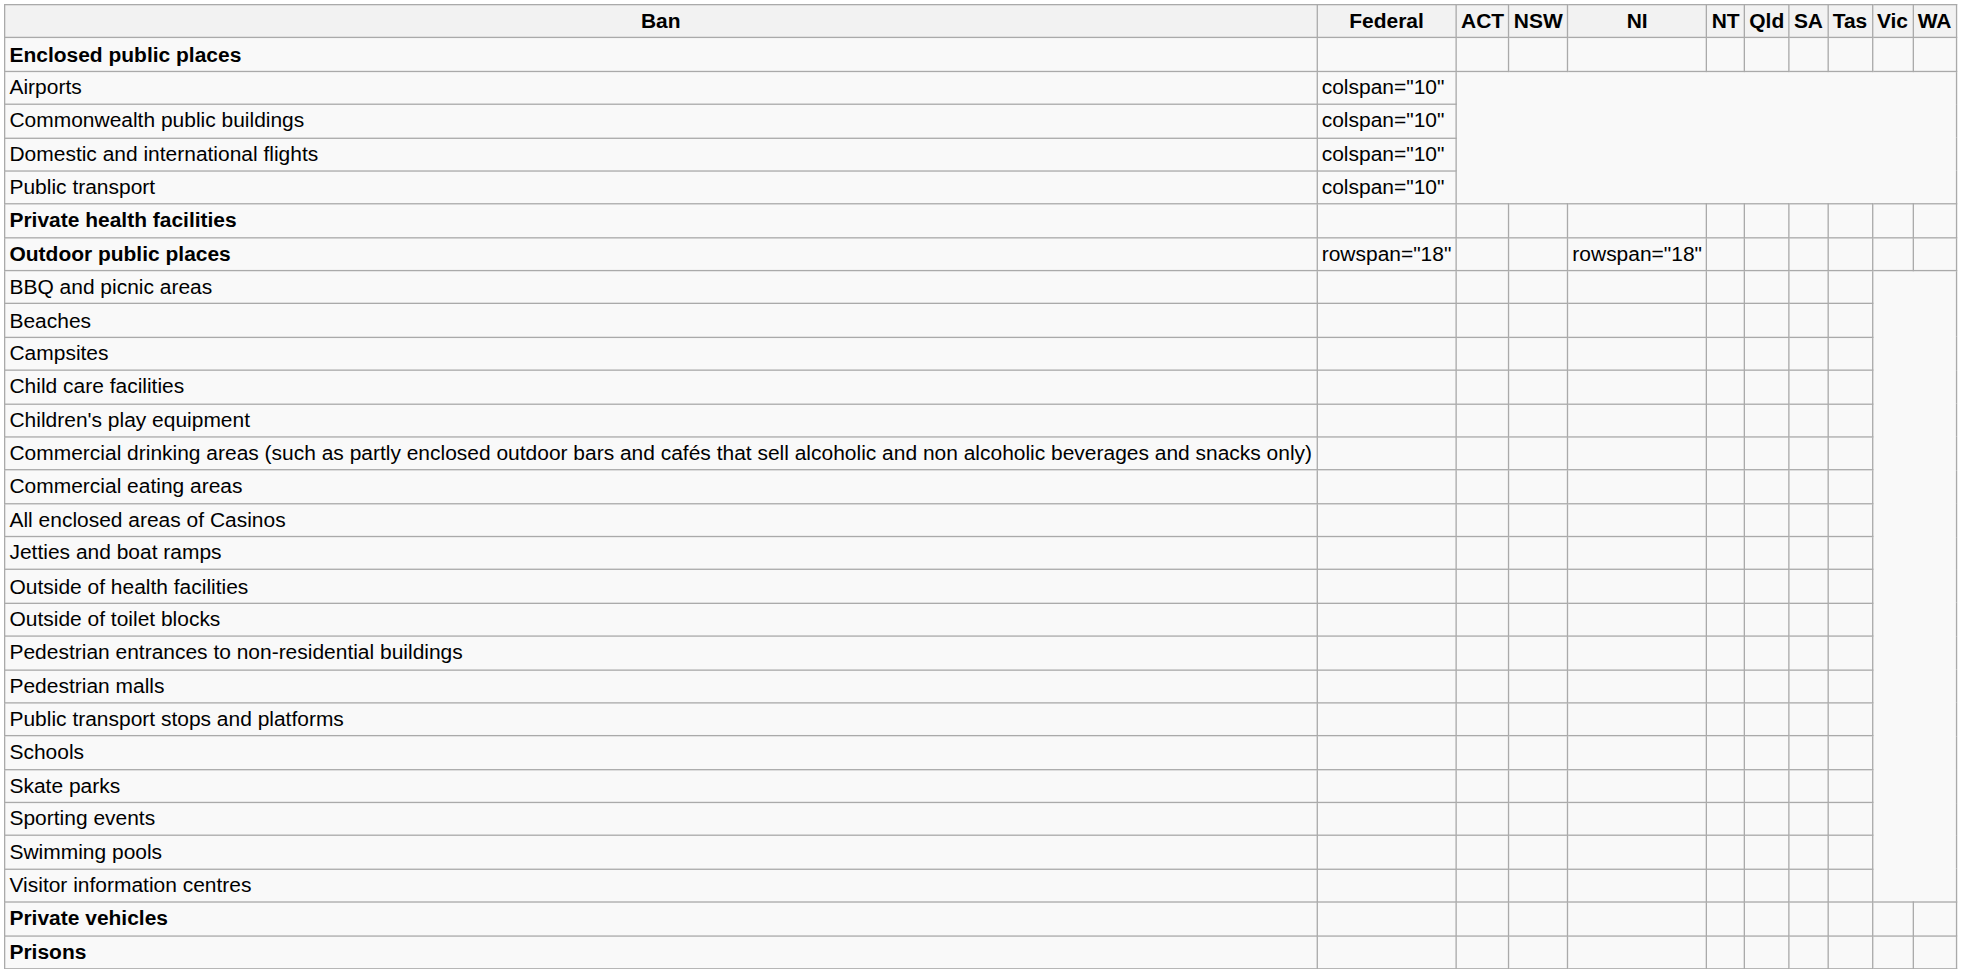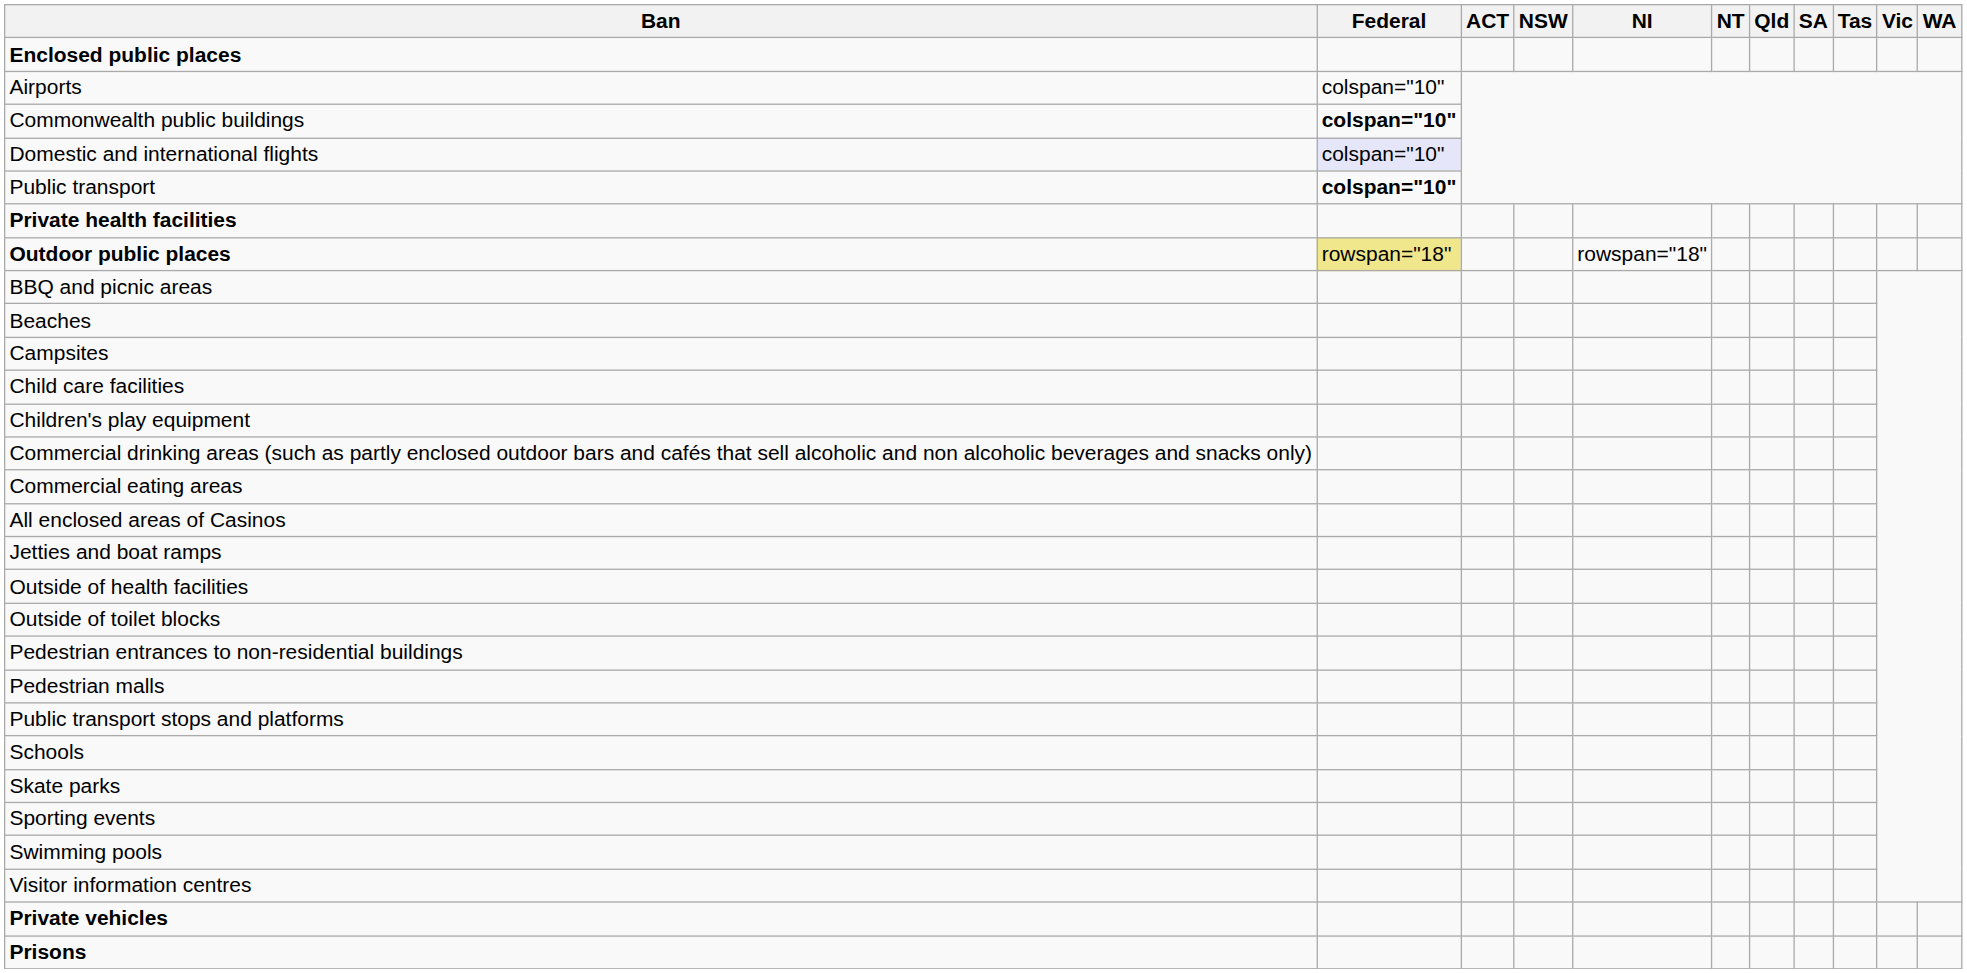 <table class="wikitable">
 <tr>
 <th>Ban</th>
 <th>Federal</th>
 <th>ACT</th>
 <th>NSW</th>
 <th>NI</th>
 <th>NT</th>
 <th>Qld</th>
 <th>SA</th>
 <th>Tas</th>
 <th>Vic</th>
 <th>WA</th>
 </tr>
 <tr>
 <td><strong>Enclosed public places</strong></td>
 <td></td>
 <td></td>
 <td></td>
 <td></td>
 <td></td>
 <td></td>
 <td></td>
 <td></td>
 <td></td>
 <td></td>
 </tr>
 <tr>
 <td>Airports</td>
 <td>colspan="10" </td>
 </tr>
 <tr>
 <td>Commonwealth public buildings</td>
-<td>colspan="10" </td>
+<td><strong>colspan="10" </strong></td>
 </tr>
 <tr>
 <td>Domestic and international flights</td>
-<td>colspan="10" </td>
+<td style="background: lavender;">colspan="10" </td>
 </tr>
 <tr>
 <td>Public transport</td>
-<td>colspan="10" </td>
+<td><strong>colspan="10" </strong></td>
 </tr>
 <tr>
 <td><strong>Private health facilities</strong></td>
 <td></td>
 <td></td>
 <td></td>
 <td></td>
 <td></td>
 <td></td>
 <td></td>
 <td></td>
 <td></td>
 <td></td>
 </tr>
 <tr>
 <td><strong>Outdoor public places</strong></td>
-<td>rowspan="18" </td>
+<td style="background: khaki;">rowspan="18" </td>
 <td></td>
 <td></td>
 <td>rowspan="18" </td>
 <td></td>
 <td></td>
 <td></td>
 <td></td>
 <td></td>
 <td></td>
 </tr>
 <tr>
 <td>BBQ and picnic areas</td>
 <td></td>
 <td></td>
 <td></td>
 <td></td>
 <td></td>
 <td></td>
 <td></td>
 <td></td>
 </tr>
 <tr>
 <td>Beaches</td>
 <td></td>
 <td></td>
 <td></td>
 <td></td>
 <td></td>
 <td></td>
 <td></td>
 <td></td>
 </tr>
 <tr>
 <td>Campsites</td>
 <td></td>
 <td></td>
 <td></td>
 <td></td>
 <td></td>
 <td></td>
 <td></td>
 <td></td>
 </tr>
 <tr>
 <td>Child care facilities</td>
 <td></td>
 <td></td>
 <td></td>
 <td></td>
 <td></td>
 <td></td>
 <td></td>
 <td></td>
 </tr>
 <tr>
 <td>Children's play equipment</td>
 <td></td>
 <td></td>
 <td></td>
 <td></td>
 <td></td>
 <td></td>
 <td></td>
 <td></td>
 </tr>
 <tr>
 <td>Commercial drinking areas (such as partly enclosed outdoor bars and cafés that sell alcoholic and non alcoholic beverages and snacks only)</td>
 <td></td>
 <td></td>
 <td></td>
 <td></td>
 <td></td>
 <td></td>
 <td></td>
 <td></td>
 </tr>
 <tr>
 <td>Commercial eating areas</td>
 <td></td>
 <td></td>
 <td></td>
 <td></td>
 <td></td>
 <td></td>
 <td></td>
 <td></td>
 </tr>
 <tr>
 <td>All enclosed areas of Casinos</td>
 <td></td>
 <td></td>
 <td></td>
 <td></td>
 <td></td>
 <td></td>
 <td></td>
 <td></td>
 </tr>
 <tr>
 <td>Jetties and boat ramps</td>
 <td></td>
 <td></td>
 <td></td>
 <td></td>
 <td></td>
 <td></td>
 <td></td>
 <td></td>
 </tr>
 <tr>
 <td>Outside of health facilities</td>
 <td></td>
 <td></td>
 <td></td>
 <td></td>
 <td></td>
 <td></td>
 <td></td>
 <td></td>
 </tr>
 <tr>
 <td>Outside of toilet blocks</td>
 <td></td>
 <td></td>
 <td></td>
 <td></td>
 <td></td>
 <td></td>
 <td></td>
 <td></td>
 </tr>
 <tr>
 <td>Pedestrian entrances to non-residential buildings</td>
 <td></td>
 <td></td>
 <td></td>
 <td></td>
 <td></td>
 <td></td>
 <td></td>
 <td></td>
 </tr>
 <tr>
 <td>Pedestrian malls</td>
 <td></td>
 <td></td>
 <td></td>
 <td></td>
 <td></td>
 <td></td>
 <td></td>
 <td></td>
 </tr>
 <tr>
 <td>Public transport stops and platforms</td>
 <td></td>
 <td></td>
 <td></td>
 <td></td>
 <td></td>
 <td></td>
 <td></td>
 <td></td>
 </tr>
 <tr>
 <td>Schools</td>
 <td></td>
 <td></td>
 <td></td>
 <td></td>
 <td></td>
 <td></td>
 <td></td>
 <td></td>
 </tr>
 <tr>
 <td>Skate parks</td>
 <td></td>
 <td></td>
 <td></td>
 <td></td>
 <td></td>
 <td></td>
 <td></td>
 <td></td>
 </tr>
 <tr>
 <td>Sporting events</td>
 <td></td>
 <td></td>
 <td></td>
 <td></td>
 <td></td>
 <td></td>
 <td></td>
 <td></td>
 </tr>
 <tr>
 <td>Swimming pools</td>
 <td></td>
 <td></td>
 <td></td>
 <td></td>
 <td></td>
 <td></td>
 <td></td>
 <td></td>
 </tr>
 <tr>
 <td>Visitor information centres</td>
 <td></td>
 <td></td>
 <td></td>
 <td></td>
 <td></td>
 <td></td>
 <td></td>
 <td></td>
 </tr>
 <tr>
 <td><strong>Private vehicles</strong></td>
 <td></td>
 <td></td>
 <td></td>
 <td></td>
 <td></td>
 <td></td>
 <td></td>
 <td></td>
 <td></td>
 <td></td>
 </tr>
 <tr>
 <td><strong>Prisons</strong></td>
 <td></td>
 <td></td>
 <td></td>
 <td></td>
 <td></td>
 <td></td>
 <td></td>
 <td></td>
 <td></td>
 <td></td>
 </tr>
 </table>
